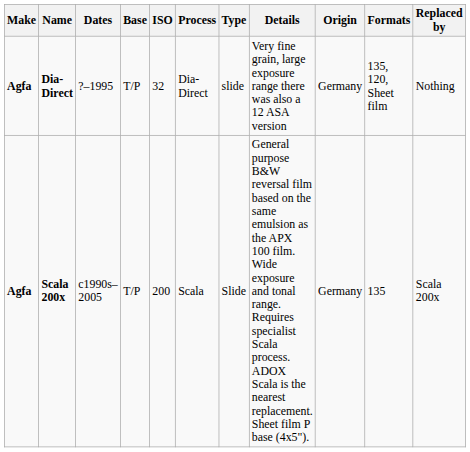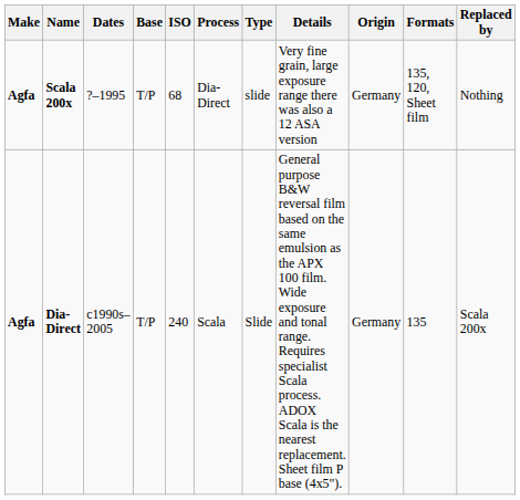 <table class="wikitable">
 <tr>
 <th scope="col" style="width: 100px;">Make</th>
 <th scope="col" style="width: 120px;">Name</th>
 <th scope="col" style="width: 80px;">Dates</th>
 <th scope="col" style="width: 30px;">Base</th>
 <th scope="col" style="width: 45px;">ISO</th>
 <th scope="col" style="width: 40px;">Process</th>
 <th scope="col" style="width: 40px;">Type</th>
 <th scope="col" style="width: 500px;">Details</th>
 <th scope="col" style="width: 60px;">Origin</th>
 <th scope="col" style="width: 80px;">Formats</th>
 <th scope="col" style="width: 80px;">Replaced by</th>
 </tr>
 <tr>
 <td><strong>Agfa</strong></td>
-<td><strong>Dia-Direct</strong></td>
+<td><strong>Scala 200x</strong></td>
 <td>?–1995</td>
 <td>T/P</td>
-<td>32</td>
+<td>68</td>
 <td>Dia-Direct</td>
 <td>slide</td>
 <td>Very fine grain, large exposure range there was also a 12 ASA version</td>
 <td>Germany</td>
 <td>135, 120, Sheet film</td>
 <td>Nothing</td>
 </tr>
 <tr>
 <td><strong>Agfa</strong></td>
-<td><strong>Scala 200x</strong></td>
+<td><strong>Dia-Direct</strong></td>
 <td>c1990s–2005</td>
 <td>T/P</td>
-<td>200</td>
+<td>240</td>
 <td>Scala</td>
 <td>Slide</td>
 <td>General purpose B&W reversal film based on the same emulsion as the APX 100 film. Wide exposure and tonal range. Requires specialist Scala process. ADOX Scala is the nearest replacement. Sheet film P base (4x5").</td>
 <td>Germany</td>
 <td>135</td>
 <td>Scala 200x</td>
 </tr>
 </table>
